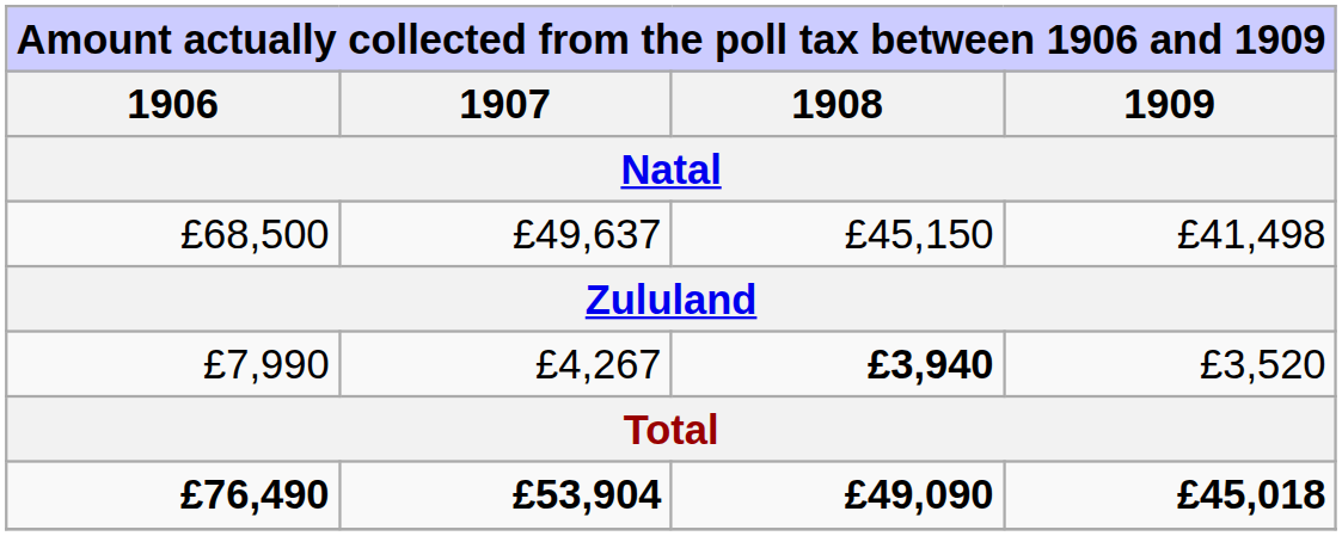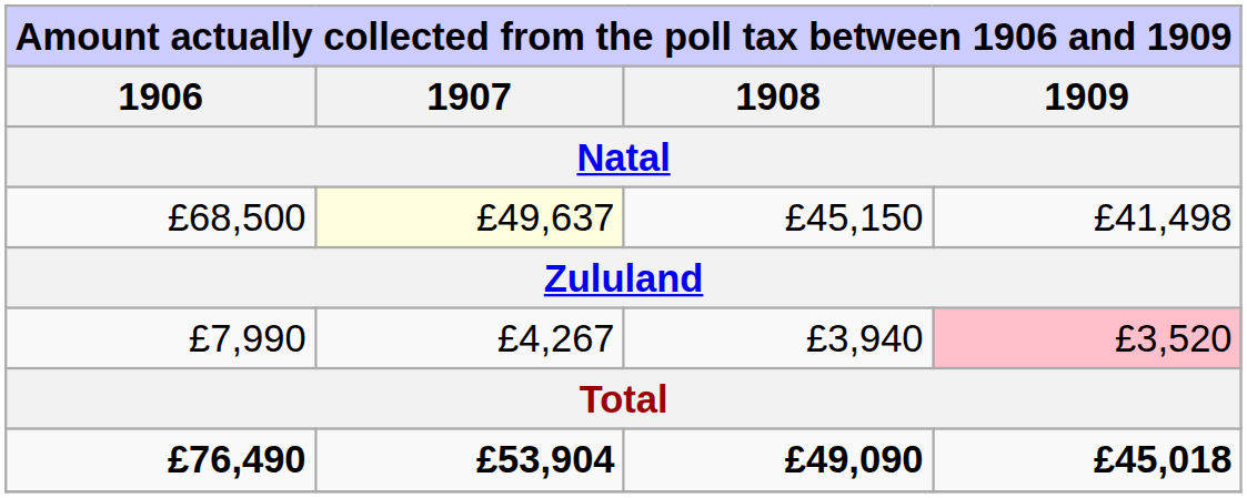 <table class="wikitable" align="right" cellpadding="4" cellspacing="0" style="margin:0 0 1.0em 1.0em; text-align:right; font-size:95%">
 <tr>
 <th colspan=5 style="background:#ccccff">Amount actually collected from the poll tax between 1906 and 1909</th>
 </tr>
 <tr>
 <th>1906</th>
 <th>1907</th>
 <th>1908</th>
 <th>1909</th>
 </tr>
 <tr>
 <th scope="row" colspan="5" style="color:#008080"><a href='#'>Natal</a></th>
 </tr>
 <tr>
 <td>£68,500</td>
-<td>£49,637</td>
+<td style="background: lightyellow;">£49,637</td>
 <td>£45,150</td>
 <td>£41,498</td>
 </tr>
 <tr>
 <th scope="row" colspan="5" style="color:#008000"><a href='#'>Zululand</a></th>
 </tr>
 <tr>
 <td>£7,990</td>
 <td>£4,267</td>
-<td><strong>£3,940</strong></td>
-<td>£3,520</td>
+<td>£3,940</td>
+<td style="background: pink;">£3,520</td>
 </tr>
 <tr>
 <th scope="row" colspan="5" style="color:#990000">Total</th>
 </tr>
 <tr>
 <td><strong>£76,490</strong></td>
 <td><strong>£53,904</strong></td>
 <td><strong>£49,090</strong></td>
 <td><strong>£45,018</strong></td>
 </tr>
 <tr>
 </tr>
 </table>
